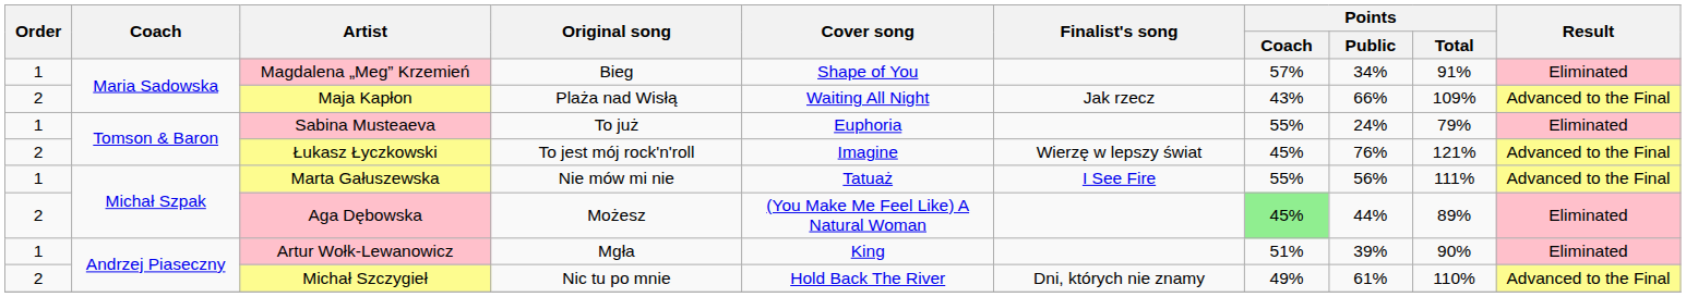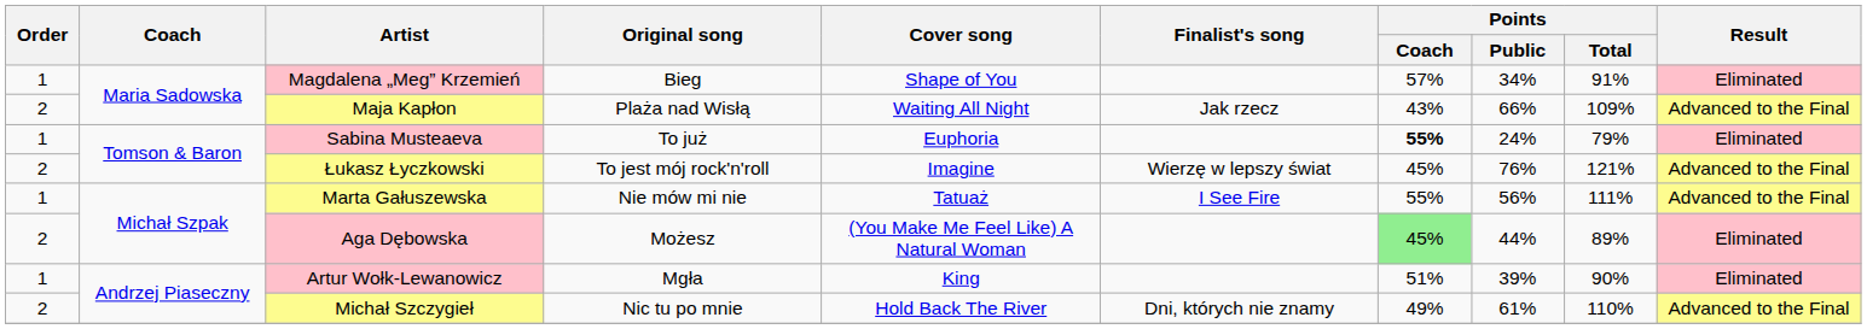 <table class="wikitable" style="text-align: center; width:100%;">
 <tr>
 <th width="04%" rowspan="2">Order</th>
 <th width="10%" rowspan="2">Coach</th>
 <th width="15%" rowspan="2">Artist</th>
 <th width="15%" rowspan="2">Original song</th>
 <th width="15%" rowspan="2">Cover song</th>
 <th width="15%" rowspan="2">Finalist's song</th>
 <th width="15%" colspan="3">Points</th>
 <th width="11%" rowspan="2">Result</th>
 </tr>
 <tr>
 <th width="05%">Coach</th>
 <th width="05%">Public</th>
 <th width="05%">Total</th>
 </tr>
 <tr>
 <td>1</td>
 <td rowspan="2"><a href='#'>Maria Sadowska</a></td>
 <td style="background:pink;">Magdalena „Meg” Krzemień</td>
 <td>Bieg</td>
 <td><a href='#'>Shape of You</a></td>
 <td></td>
 <td>57%</td>
 <td>34%</td>
 <td>91%</td>
 <td style="background:pink;">Eliminated</td>
 </tr>
 <tr>
 <td>2</td>
 <td style="background:#fdfc8f;">Maja Kapłon</td>
 <td>Plaża nad Wisłą</td>
 <td><a href='#'>Waiting All Night</a></td>
 <td>Jak rzecz</td>
 <td>43%</td>
 <td>66%</td>
 <td>109%</td>
 <td style="background:#fdfc8f;">Advanced to the Final</td>
 </tr>
 <tr>
 <td>1</td>
 <td rowspan="2"><a href='#'>Tomson & Baron</a></td>
 <td style="background:pink;">Sabina Musteaeva</td>
 <td>To już</td>
 <td><a href='#'>Euphoria</a></td>
 <td></td>
-<td>55%</td>
+<td><strong>55%</strong></td>
 <td>24%</td>
 <td>79%</td>
 <td style="background:pink;">Eliminated</td>
 </tr>
 <tr>
 <td>2</td>
 <td style="background:#fdfc8f">Łukasz Łyczkowski</td>
 <td>To jest mój rock'n'roll</td>
 <td><a href='#'>Imagine</a></td>
 <td>Wierzę w lepszy świat</td>
 <td>45%</td>
 <td>76%</td>
 <td>121%</td>
 <td style="background:#fdfc8f;">Advanced to the Final</td>
 </tr>
 <tr>
 <td>1</td>
 <td rowspan="2"><a href='#'>Michał Szpak</a></td>
 <td style="background:#fdfc8f;">Marta Gałuszewska</td>
 <td>Nie mów mi nie</td>
 <td><a href='#'>Tatuaż</a></td>
 <td><a href='#'>I See Fire</a></td>
 <td>55%</td>
 <td>56%</td>
 <td>111%</td>
 <td style="background:#fdfc8f;">Advanced to the Final</td>
 </tr>
 <tr>
 <td>2</td>
 <td style="background:pink">Aga Dębowska</td>
 <td>Możesz</td>
 <td><a href='#'>(You Make Me Feel Like) A Natural Woman</a></td>
 <td></td>
 <td style="background: lightgreen;">45%</td>
 <td>44%</td>
 <td>89%</td>
 <td style="background:pink;">Eliminated</td>
 </tr>
 <tr>
 <td>1</td>
 <td rowspan="2"><a href='#'>Andrzej Piaseczny</a></td>
 <td style="background:pink">Artur Wołk-Lewanowicz</td>
 <td>Mgła</td>
 <td><a href='#'>King</a></td>
 <td></td>
 <td>51%</td>
 <td>39%</td>
 <td>90%</td>
 <td style="background:pink;">Eliminated</td>
 </tr>
 <tr>
 <td>2</td>
 <td style="background:#fdfc8f;">Michał Szczygieł</td>
 <td>Nic tu po mnie</td>
 <td><a href='#'>Hold Back The River</a></td>
 <td>Dni, których nie znamy</td>
 <td>49%</td>
 <td>61%</td>
 <td>110%</td>
 <td style="background:#fdfc8f;">Advanced to the Final</td>
 </tr>
 <tr>
 </tr>
 </table>
